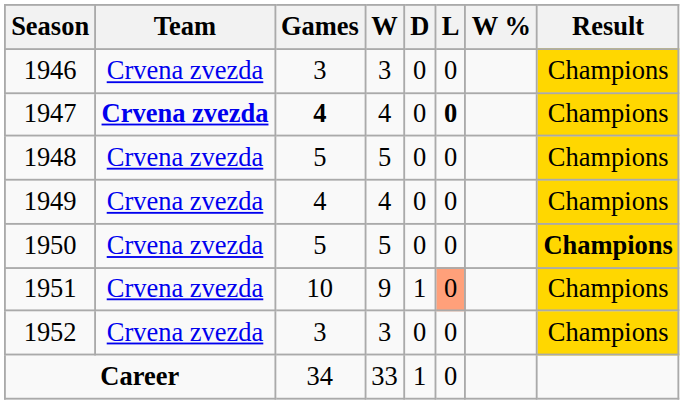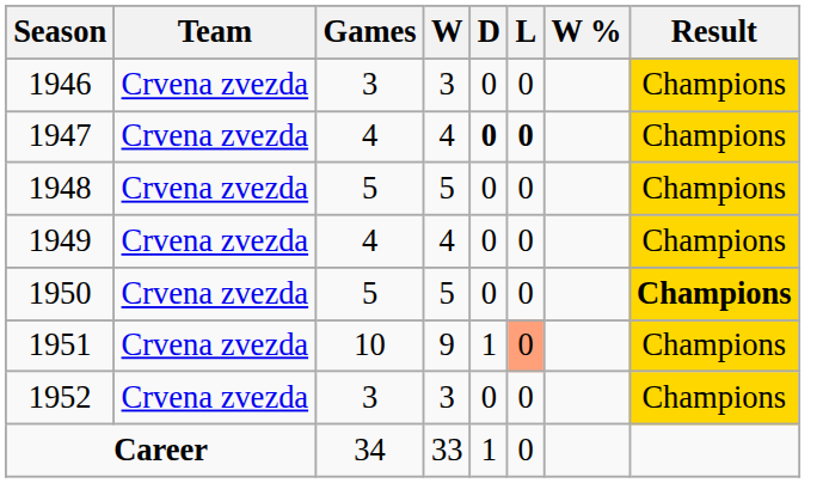 <table class="wikitable sortable" style="font-size:90%; text-align:center;">
 <tr>
 <th scope="col">Season</th>
 <th scope="col">Team</th>
 <th scope="col">Games</th>
 <th scope="col">W</th>
 <th scope="col">D</th>
 <th scope="col">L</th>
 <th scope="col">W %</th>
 <th scope="col">Result</th>
 </tr>
 <tr>
 <td>1946</td>
 <td><a href='#'>Crvena zvezda</a></td>
 <td>3</td>
 <td>3</td>
 <td>0</td>
 <td>0</td>
 <td></td>
 <td style="background:gold;">Champions</td>
 </tr>
 <tr>
 <td>1947</td>
-<td><strong><a href='#'>Crvena zvezda</a></strong></td>
-<td><strong>4</strong></td>
+<td><a href='#'>Crvena zvezda</a></td>
 <td>4</td>
-<td>0</td>
+<td>4</td>
+<td><strong>0</strong></td>
 <td><strong>0</strong></td>
 <td></td>
 <td style="background:gold;">Champions</td>
 </tr>
 <tr>
 <td>1948</td>
 <td><a href='#'>Crvena zvezda</a></td>
 <td>5</td>
 <td>5</td>
 <td>0</td>
 <td>0</td>
 <td></td>
 <td style="background:gold;">Champions</td>
 </tr>
 <tr>
 <td>1949</td>
 <td><a href='#'>Crvena zvezda</a></td>
 <td>4</td>
 <td>4</td>
 <td>0</td>
 <td>0</td>
 <td></td>
 <td style="background:gold;">Champions</td>
 </tr>
 <tr>
 <td>1950</td>
 <td><a href='#'>Crvena zvezda</a></td>
 <td>5</td>
 <td>5</td>
 <td>0</td>
 <td>0</td>
 <td></td>
 <td style="background:gold;"><strong>Champions</strong></td>
 </tr>
 <tr>
 <td>1951</td>
 <td><a href='#'>Crvena zvezda</a></td>
 <td>10</td>
 <td>9</td>
 <td>1</td>
 <td style="background: lightsalmon;">0</td>
 <td></td>
 <td style="background:gold;">Champions</td>
 </tr>
 <tr>
 <td>1952</td>
 <td><a href='#'>Crvena zvezda</a></td>
 <td>3</td>
 <td>3</td>
 <td>0</td>
 <td>0</td>
 <td></td>
 <td style="background:gold;">Champions</td>
 </tr>
 <tr class="sortbottom">
 <td align="center" colspan=2><strong>Career</strong></td>
 <td>34</td>
 <td>33</td>
 <td>1</td>
 <td>0</td>
 <td></td>
 <td></td>
 </tr>
 </table>
